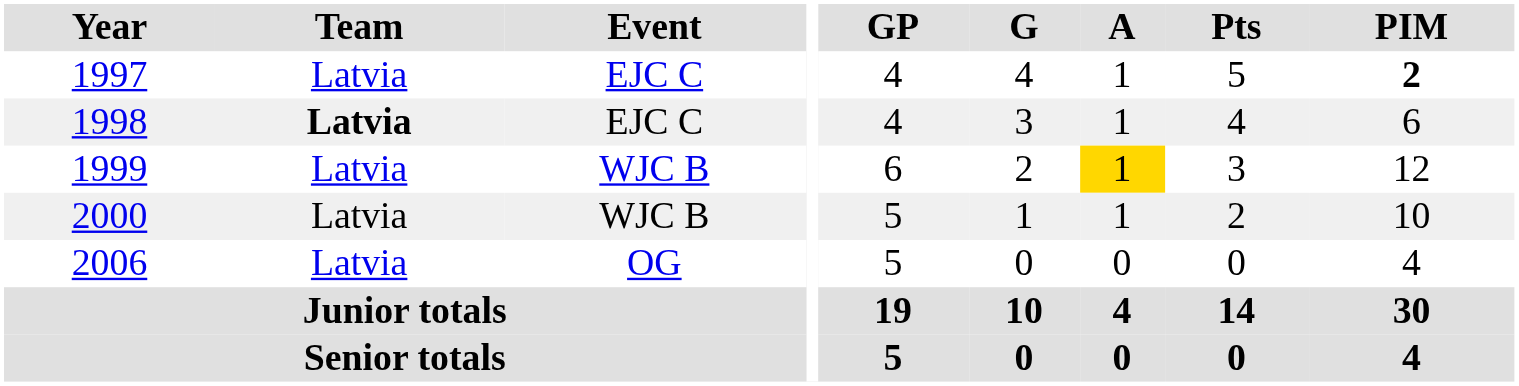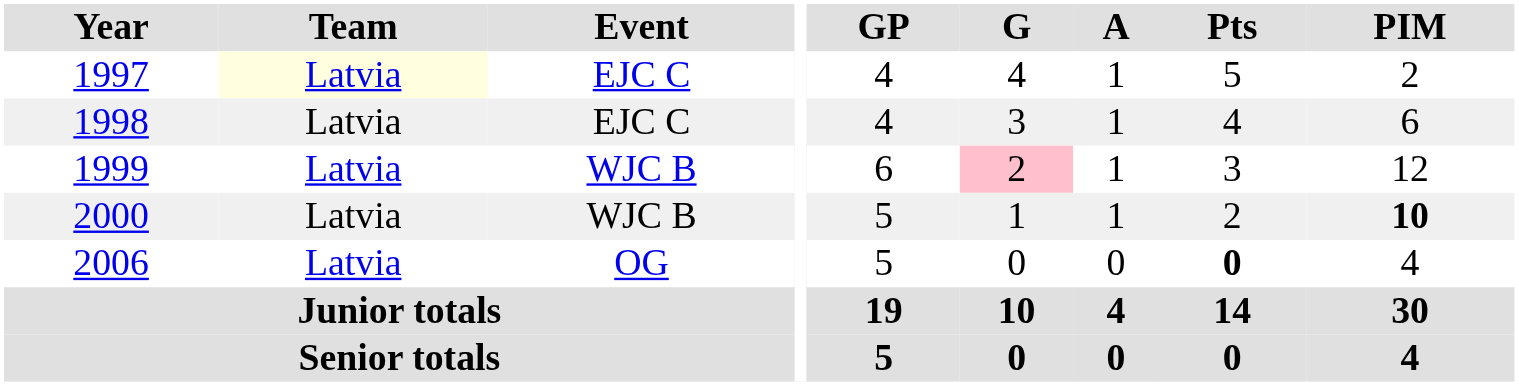 <table border="0" cellpadding="1" cellspacing="0" ID="Table3" style="text-align:center; width:40em">
 <tr ALIGN="center" bgcolor="#e0e0e0">
 <th>Year</th>
 <th>Team</th>
 <th>Event</th>
 <th rowspan="99" bgcolor="#ffffff"></th>
 <th>GP</th>
 <th>G</th>
 <th>A</th>
 <th>Pts</th>
 <th>PIM</th>
 </tr>
 <tr>
 <td><a href='#'>1997</a></td>
-<td><a href='#'>Latvia</a></td>
+<td style="background: lightyellow;"><a href='#'>Latvia</a></td>
 <td><a href='#'>EJC C</a></td>
 <td>4</td>
 <td>4</td>
 <td>1</td>
 <td>5</td>
-<td><strong>2</strong></td>
+<td>2</td>
 </tr>
 <tr bgcolor="#f0f0f0">
 <td><a href='#'>1998</a></td>
-<td><strong>Latvia</strong></td>
+<td>Latvia</td>
 <td>EJC C</td>
 <td>4</td>
 <td>3</td>
 <td>1</td>
 <td>4</td>
 <td>6</td>
 </tr>
 <tr>
 <td><a href='#'>1999</a></td>
 <td><a href='#'>Latvia</a></td>
 <td><a href='#'>WJC B</a></td>
 <td>6</td>
-<td>2</td>
-<td style="background: gold;">1</td>
+<td style="background: pink;">2</td>
+<td>1</td>
 <td>3</td>
 <td>12</td>
 </tr>
 <tr bgcolor="#f0f0f0">
 <td><a href='#'>2000</a></td>
 <td>Latvia</td>
 <td>WJC B</td>
 <td>5</td>
 <td>1</td>
 <td>1</td>
 <td>2</td>
-<td>10</td>
+<td><strong>10</strong></td>
 </tr>
 <tr>
 <td><a href='#'>2006</a></td>
 <td><a href='#'>Latvia</a></td>
 <td><a href='#'>OG</a></td>
 <td>5</td>
 <td>0</td>
 <td>0</td>
-<td>0</td>
+<td><strong>0</strong></td>
 <td>4</td>
 </tr>
 <tr style="background: #e0e0e0;">
 <th colspan="3">Junior totals</th>
 <th>19</th>
 <th>10</th>
 <th>4</th>
 <th>14</th>
 <th>30</th>
 </tr>
 <tr style="background: #e0e0e0;">
 <th colspan="3">Senior totals</th>
 <th>5</th>
 <th>0</th>
 <th>0</th>
 <th>0</th>
 <th>4</th>
 </tr>
 </table>
